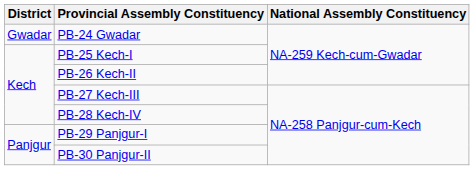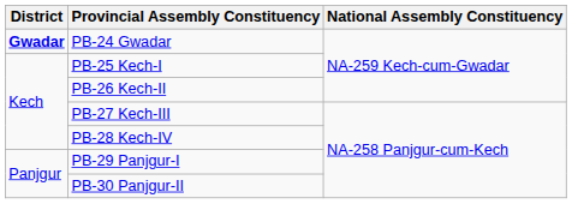 <table class="wikitable sortable static-row-numbers static-row-header-hash">
 <tr>
 <th>District</th>
 <th>Provincial Assembly Constituency</th>
 <th>National Assembly Constituency</th>
 </tr>
 <tr>
-<td><a href='#'>Gwadar</a></td>
+<td><strong><a href='#'>Gwadar</a></strong></td>
 <td><a href='#'>PB-24 Gwadar</a></td>
 <td rowspan="3"><a href='#'>NA-259 Kech-cum-Gwadar</a></td>
 </tr>
 <tr>
 <td rowspan="4"><a href='#'>Kech</a></td>
 <td><a href='#'>PB-25 Kech-I</a></td>
 </tr>
 <tr>
 <td><a href='#'>PB-26 Kech-II</a></td>
 </tr>
 <tr>
 <td><a href='#'>PB-27 Kech-III</a></td>
 <td rowspan="4"><a href='#'>NA-258 Panjgur-cum-Kech</a></td>
 </tr>
 <tr>
 <td><a href='#'>PB-28 Kech-IV</a></td>
 </tr>
 <tr>
 <td rowspan="2"><a href='#'>Panjgur</a></td>
 <td><a href='#'>PB-29 Panjgur-I</a></td>
 </tr>
 <tr>
 <td><a href='#'>PB-30 Panjgur-II</a></td>
 </tr>
 </table>
